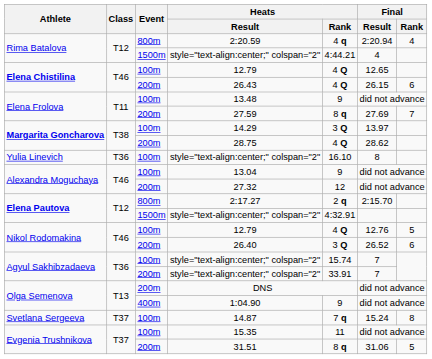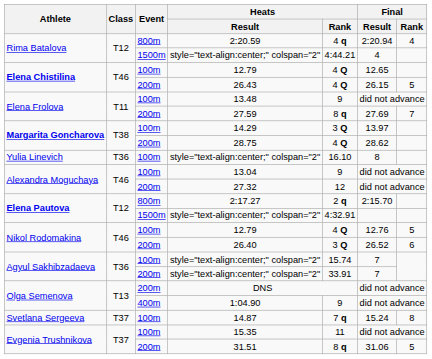 <table class=wikitable style="font-size:90%">
 <tr>
 <th rowspan="2">Athlete</th>
 <th rowspan="2">Class</th>
 <th rowspan="2">Event</th>
 <th colspan="2">Heats</th>
 <th colspan="2">Final</th>
 </tr>
 <tr>
 <th>Result</th>
 <th>Rank</th>
 <th>Result</th>
 <th>Rank</th>
 </tr>
 <tr>
 <td rowspan="2"><a href='#'>Rima Batalova</a></td>
 <td rowspan="2" style="text-align:center;">T12</td>
 <td><a href='#'>800m</a></td>
 <td style="text-align:center;">2:20.59</td>
 <td style="text-align:center;">4 <strong>q</strong></td>
 <td style="text-align:center;">2:20.94</td>
 <td style="text-align:center;">4</td>
 </tr>
 <tr>
 <td><a href='#'>1500m</a></td>
 <td>style="text-align:center;" colspan="2" </td>
 <td style="text-align:center;">4:44.21</td>
 <td style="text-align:center;">4</td>
 </tr>
 <tr>
 <td rowspan="2"><strong><a href='#'>Elena Chistilina</a></strong></td>
 <td rowspan="2" style="text-align:center;">T46</td>
 <td><a href='#'>100m</a></td>
 <td style="text-align:center;">12.79</td>
 <td style="text-align:center;">4 <strong>Q</strong></td>
 <td style="text-align:center;">12.65</td>
 <td style="text-align:center;"></td>
 </tr>
 <tr>
 <td><a href='#'>200m</a></td>
 <td style="text-align:center;">26.43</td>
 <td style="text-align:center;">4 <strong>Q</strong></td>
 <td style="text-align:center;">26.15</td>
-<td style="text-align:center;">6</td>
+<td style="text-align:center;">5</td>
 </tr>
 <tr>
 <td rowspan="2"><a href='#'>Elena Frolova</a></td>
 <td rowspan="2" style="text-align:center;">T11</td>
 <td><a href='#'>100m</a></td>
 <td style="text-align:center;">13.48</td>
 <td style="text-align:center;">9</td>
 <td style="text-align:center;" colspan="2">did not advance</td>
 </tr>
 <tr>
 <td><a href='#'>200m</a></td>
 <td style="text-align:center;">27.59</td>
 <td style="text-align:center;">8 <strong>q</strong></td>
 <td style="text-align:center;">27.69</td>
 <td style="text-align:center;">7</td>
 </tr>
 <tr>
 <td rowspan="2"><strong><a href='#'>Margarita Goncharova</a></strong></td>
 <td rowspan="2" style="text-align:center;">T38</td>
 <td><a href='#'>100m</a></td>
 <td style="text-align:center;">14.29</td>
 <td style="text-align:center;">3 <strong>Q</strong></td>
 <td style="text-align:center;">13.97</td>
 <td style="text-align:center;"></td>
 </tr>
 <tr>
 <td><a href='#'>200m</a></td>
 <td style="text-align:center;">28.75</td>
 <td style="text-align:center;">4 <strong>Q</strong></td>
 <td style="text-align:center;">28.62</td>
 <td style="text-align:center;"></td>
 </tr>
 <tr>
 <td><a href='#'>Yulia Linevich</a></td>
 <td style="text-align:center;">T36</td>
 <td><a href='#'>100m</a></td>
 <td>style="text-align:center;" colspan="2" </td>
 <td style="text-align:center;">16.10</td>
 <td style="text-align:center;">8</td>
 </tr>
 <tr>
 <td rowspan="2"><a href='#'>Alexandra Moguchaya</a></td>
 <td rowspan="2" style="text-align:center;">T46</td>
 <td><a href='#'>100m</a></td>
 <td style="text-align:center;">13.04</td>
 <td style="text-align:center;">9</td>
 <td style="text-align:center;" colspan="2">did not advance</td>
 </tr>
 <tr>
 <td><a href='#'>200m</a></td>
 <td style="text-align:center;">27.32</td>
 <td style="text-align:center;">12</td>
 <td style="text-align:center;" colspan="2">did not advance</td>
 </tr>
 <tr>
 <td rowspan="2"><strong><a href='#'>Elena Pautova</a></strong></td>
 <td rowspan="2" style="text-align:center;">T12</td>
 <td><a href='#'>800m</a></td>
 <td style="text-align:center;">2:17.27</td>
 <td style="text-align:center;">2 <strong>q</strong></td>
 <td style="text-align:center;">2:15.70</td>
 <td style="text-align:center;"></td>
 </tr>
 <tr>
 <td><a href='#'>1500m</a></td>
 <td>style="text-align:center;" colspan="2" </td>
 <td style="text-align:center;">4:32.91</td>
 <td style="text-align:center;"></td>
 </tr>
 <tr>
 <td rowspan="2"><a href='#'>Nikol Rodomakina</a></td>
 <td rowspan="2" style="text-align:center;">T46</td>
 <td><a href='#'>100m</a></td>
 <td style="text-align:center;">12.79</td>
 <td style="text-align:center;">4 <strong>Q</strong></td>
 <td style="text-align:center;">12.76</td>
 <td style="text-align:center;">5</td>
 </tr>
 <tr>
 <td><a href='#'>200m</a></td>
 <td style="text-align:center;">26.40</td>
 <td style="text-align:center;">3 <strong>Q</strong></td>
 <td style="text-align:center;">26.52</td>
 <td style="text-align:center;">6</td>
 </tr>
 <tr>
 <td rowspan="2"><a href='#'>Agyul Sakhibzadaeva</a></td>
 <td rowspan="2" style="text-align:center;">T36</td>
 <td><a href='#'>100m</a></td>
 <td>style="text-align:center;" colspan="2" </td>
 <td style="text-align:center;">15.74</td>
 <td style="text-align:center;">7</td>
 </tr>
 <tr>
 <td><a href='#'>200m</a></td>
 <td>style="text-align:center;" colspan="2" </td>
 <td style="text-align:center;">33.91</td>
 <td style="text-align:center;">7</td>
 </tr>
 <tr>
 <td rowspan="2"><a href='#'>Olga Semenova</a></td>
 <td rowspan="2" style="text-align:center;">T13</td>
 <td><a href='#'>200m</a></td>
 <td style="text-align:center;" colspan="2">DNS</td>
 <td style="text-align:center;" colspan="2">did not advance</td>
 </tr>
 <tr>
 <td><a href='#'>400m</a></td>
 <td style="text-align:center;">1:04.90</td>
 <td style="text-align:center;">9</td>
 <td style="text-align:center;" colspan="2">did not advance</td>
 </tr>
 <tr>
 <td><a href='#'>Svetlana Sergeeva</a></td>
 <td style="text-align:center;">T37</td>
 <td><a href='#'>100m</a></td>
 <td style="text-align:center;">14.87</td>
 <td style="text-align:center;">7 <strong>q</strong></td>
 <td style="text-align:center;">15.24</td>
 <td style="text-align:center;">8</td>
 </tr>
 <tr>
 <td rowspan="2"><a href='#'>Evgenia Trushnikova</a></td>
 <td rowspan="2" style="text-align:center;">T37</td>
 <td><a href='#'>100m</a></td>
 <td style="text-align:center;">15.35</td>
 <td style="text-align:center;">11</td>
 <td style="text-align:center;" colspan="2">did not advance</td>
 </tr>
 <tr>
 <td><a href='#'>200m</a></td>
 <td style="text-align:center;">31.51</td>
 <td style="text-align:center;">8 <strong>q</strong></td>
 <td style="text-align:center;">31.06</td>
 <td style="text-align:center;">5</td>
 </tr>
 </table>
